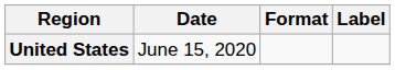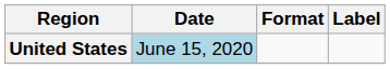 <table class="wikitable plainrowheaders" style="text-align:center;">
 <tr>
 <th>Region</th>
 <th>Date</th>
 <th>Format</th>
 <th>Label</th>
 </tr>
 <tr>
 <th scope="row">United States</th>
-<td>June 15, 2020</td>
+<td style="background: lightblue;">June 15, 2020</td>
 <td></td>
 <td></td>
 </tr>
 <tr>
 </tr>
 </table>
